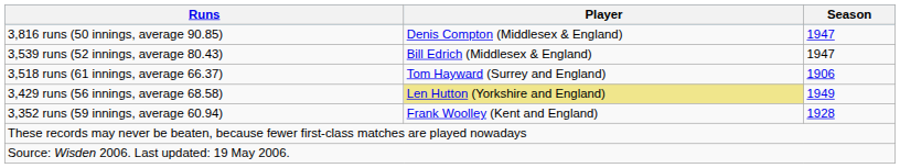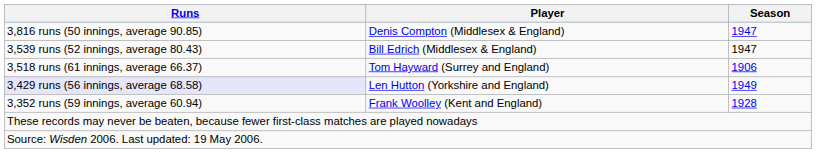 <table class="wikitable" style="width:90%;">
 <tr style="background:#87cefa;">
 <th><a href='#'>Runs</a></th>
 <th>Player</th>
 <th>Season</th>
 </tr>
 <tr>
 <td>3,816 runs (50 innings, average 90.85)</td>
 <td><a href='#'>Denis Compton</a> (Middlesex & England)</td>
 <td><a href='#'>1947</a></td>
 </tr>
 <tr>
 <td>3,539 runs (52 innings, average 80.43)</td>
 <td><a href='#'>Bill Edrich</a> (Middlesex & England)</td>
 <td>1947</td>
 </tr>
 <tr>
 <td>3,518 runs (61 innings, average 66.37)</td>
 <td><a href='#'>Tom Hayward</a> (Surrey and England)</td>
 <td><a href='#'>1906</a></td>
 </tr>
 <tr>
-<td>3,429 runs (56 innings, average 68.58)</td>
-<td style="background: khaki;"><a href='#'>Len Hutton</a> (Yorkshire and England)</td>
+<td style="background: lavender;">3,429 runs (56 innings, average 68.58)</td>
+<td><a href='#'>Len Hutton</a> (Yorkshire and England)</td>
 <td><a href='#'>1949</a></td>
 </tr>
 <tr>
 <td>3,352 runs (59 innings, average 60.94)</td>
 <td><a href='#'>Frank Woolley</a> (Kent and England)</td>
 <td><a href='#'>1928</a></td>
 </tr>
 <tr>
 <td colspan=3>These records may never be beaten, because fewer first-class matches are played nowadays</td>
 </tr>
 <tr>
 <td colspan=4>Source: <em>Wisden</em> 2006. Last updated: 19 May 2006.</td>
 </tr>
 </table>
